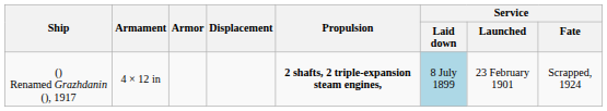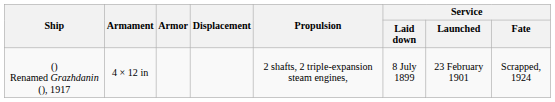 <table class="wikitable">
 <tr valign="center">
 <th align= center rowspan=2>Ship</th>
 <th align= center rowspan=2>Armament</th>
 <th align= center rowspan=2>Armor</th>
 <th align= center rowspan=2>Displacement</th>
 <th align= center rowspan=2>Propulsion</th>
 <th align= center colspan=3>Service</th>
 </tr>
 <tr valign="top">
 <th align= center>Laid down</th>
 <th align= center>Launched</th>
 <th align= center>Fate</th>
 </tr>
 <tr valign="center">
 <td align= center><br>()<br>Renamed <em>Grazhdanin</em> (), 1917</td>
 <td align= center>4 × 12 in</td>
 <td align= center></td>
 <td align= center></td>
-<td align= center><strong>2 shafts, 2 triple-expansion steam engines, </strong></td>
-<td align= center style="background: lightblue;">8 July 1899</td>
+<td align= center>2 shafts, 2 triple-expansion steam engines, </td>
+<td align= center>8 July 1899</td>
 <td align= center>23 February 1901</td>
 <td align= center>Scrapped, 1924</td>
 </tr>
 </table>
